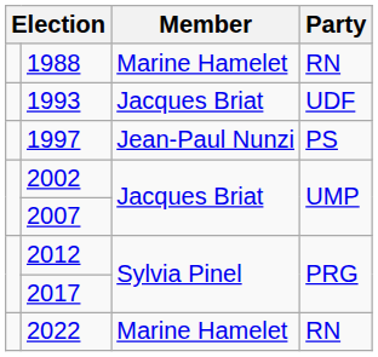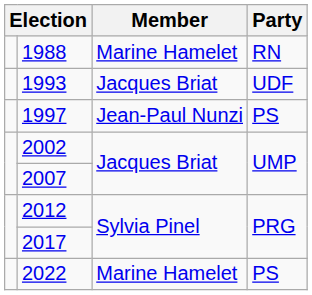 <table class="wikitable">
 <tr>
 <th colspan=2>Election</th>
 <th>Member</th>
 <th>Party</th>
 </tr>
 <tr>
 <td style="background-color: "></td>
 <td><a href='#'>1988</a></td>
 <td><a href='#'>Marine Hamelet</a></td>
 <td><a href='#'>RN</a></td>
 </tr>
 <tr>
 <td style="background-color: "></td>
 <td><a href='#'>1993</a></td>
 <td><a href='#'>Jacques Briat</a></td>
 <td><a href='#'>UDF</a></td>
 </tr>
 <tr>
 <td style="background-color: "></td>
 <td><a href='#'>1997</a></td>
 <td><a href='#'>Jean-Paul Nunzi</a></td>
 <td><a href='#'>PS</a></td>
 </tr>
 <tr>
 <td rowspan="2" style="background-color: "></td>
 <td><a href='#'>2002</a></td>
 <td rowspan="2"><a href='#'>Jacques Briat</a></td>
 <td rowspan="2"><a href='#'>UMP</a></td>
 </tr>
 <tr>
 <td><a href='#'>2007</a></td>
 </tr>
 <tr>
 <td rowspan="2" style="background-color: "></td>
 <td><a href='#'>2012</a></td>
 <td rowspan="2"><a href='#'>Sylvia Pinel</a></td>
 <td rowspan="2"><a href='#'>PRG</a></td>
 </tr>
 <tr>
 <td><a href='#'>2017</a></td>
 </tr>
 <tr>
 <td style="background-color: "></td>
 <td><a href='#'>2022</a></td>
 <td><a href='#'>Marine Hamelet</a></td>
-<td><a href='#'>RN</a></td>
+<td><a href='#'>PS</a></td>
 </tr>
 </table>
